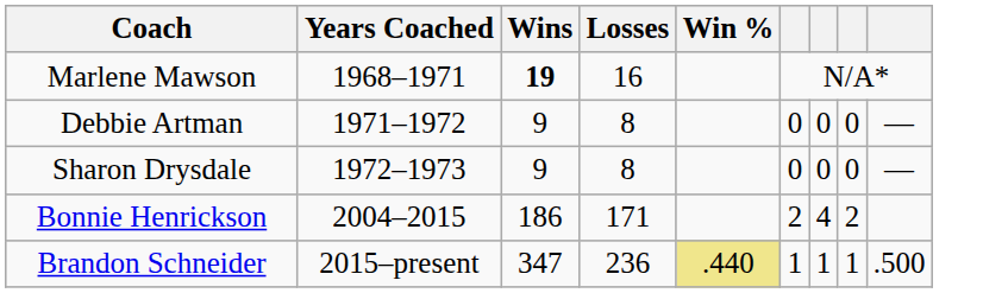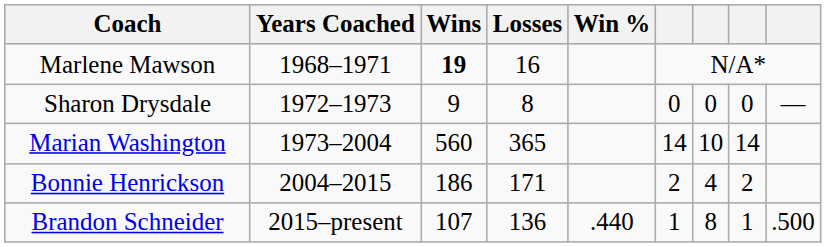 <table class="wikitable"; style= "text-align:center">
 <tr>
 <th width=150px>Coach</th>
 <th width=px>Years Coached</th>
 <th width=px>Wins</th>
 <th width=px>Losses</th>
 <th width=px>Win %</th>
 <th width=px></th>
 <th width=px></th>
 <th width=px></th>
 <th width=px></th>
 </tr>
 <tr>
 <td>Marlene Mawson</td>
 <td>1968–1971</td>
 <td><strong>19</strong></td>
 <td>16</td>
 <td></td>
 <td colspan="4" style="text-align: center;">N/A*</td>
 </tr>
 <tr>
-<td>Debbie Artman</td>
-<td>1971–1972</td>
+<td>Sharon Drysdale</td>
+<td>1972–1973</td>
 <td>9</td>
 <td>8</td>
 <td></td>
 <td>0</td>
 <td>0</td>
 <td>0</td>
 <td>—</td>
 </tr>
 <tr>
-<td>Sharon Drysdale</td>
-<td>1972–1973</td>
-<td>9</td>
-<td>8</td>
+<td><a href='#'>Marian Washington</a></td>
+<td>1973–2004</td>
+<td>560</td>
+<td>365</td>
 <td></td>
-<td>0</td>
-<td>0</td>
-<td>0</td>
-<td>—</td>
+<td>14</td>
+<td>10</td>
+<td>14</td>
+<td></td>
 </tr>
 <tr>
 <td><a href='#'>Bonnie Henrickson</a></td>
 <td>2004–2015</td>
 <td>186</td>
 <td>171</td>
 <td></td>
 <td>2</td>
 <td>4</td>
 <td>2</td>
 <td></td>
 </tr>
 <tr>
 <td><a href='#'>Brandon Schneider</a></td>
 <td>2015–present</td>
-<td>347</td>
-<td>236</td>
-<td style="background: khaki;">.440</td>
+<td>107</td>
+<td>136</td>
+<td>.440</td>
 <td>1</td>
-<td>1</td>
+<td>8</td>
 <td>1</td>
 <td>.500</td>
 </tr>
 </table>
